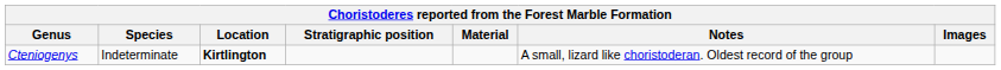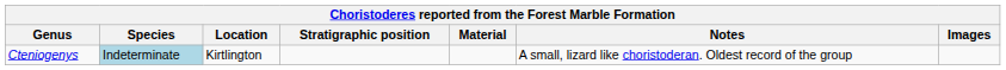 <table class="wikitable" align="center" width="100%">
 <tr>
 <th colspan="7" align="center"><strong><a href='#'>Choristoderes</a> reported from the Forest Marble Formation</strong></th>
 </tr>
 <tr>
 <th>Genus</th>
 <th>Species</th>
 <th>Location</th>
 <th>Stratigraphic position</th>
 <th>Material</th>
 <th>Notes</th>
 <th>Images</th>
 </tr>
 <tr>
 <td><em><a href='#'>Cteniogenys</a></em></td>
-<td>Indeterminate</td>
-<td><strong>Kirtlington</strong></td>
+<td style="background: lightblue;">Indeterminate</td>
+<td>Kirtlington</td>
 <td></td>
 <td></td>
 <td>A small, lizard like <a href='#'>choristoderan</a>. Oldest record of the group</td>
 <td></td>
 </tr>
 </table>
